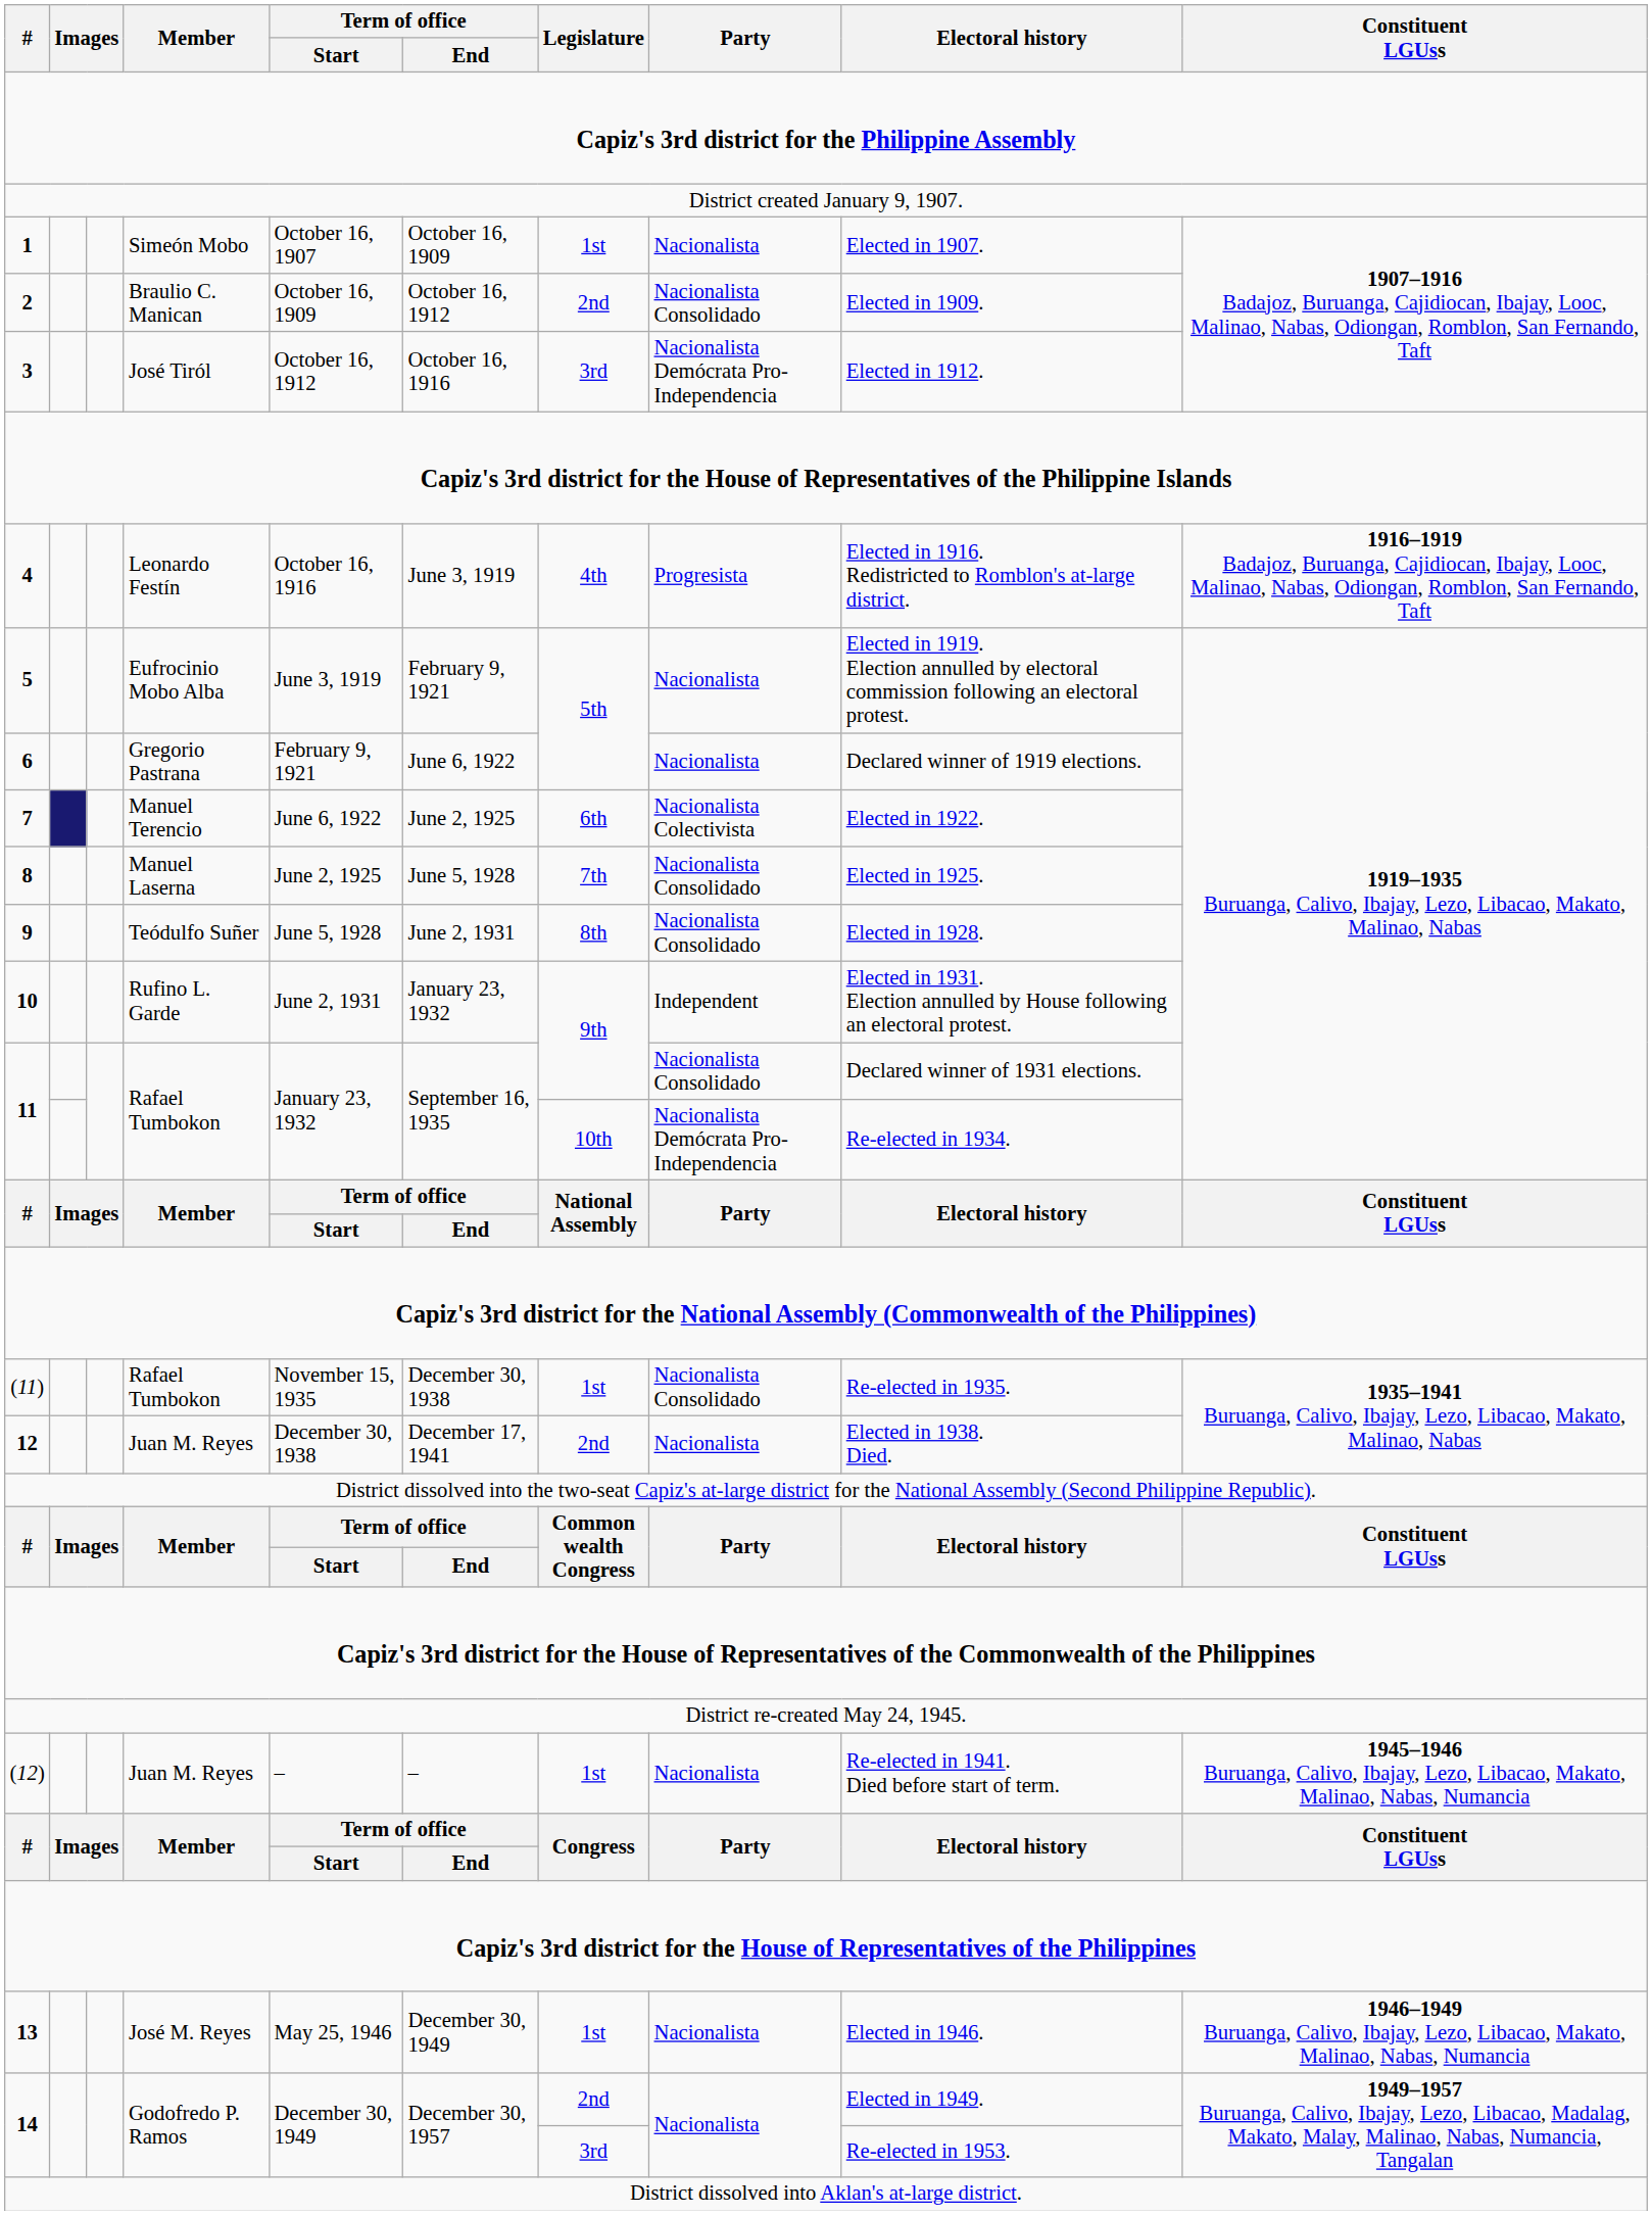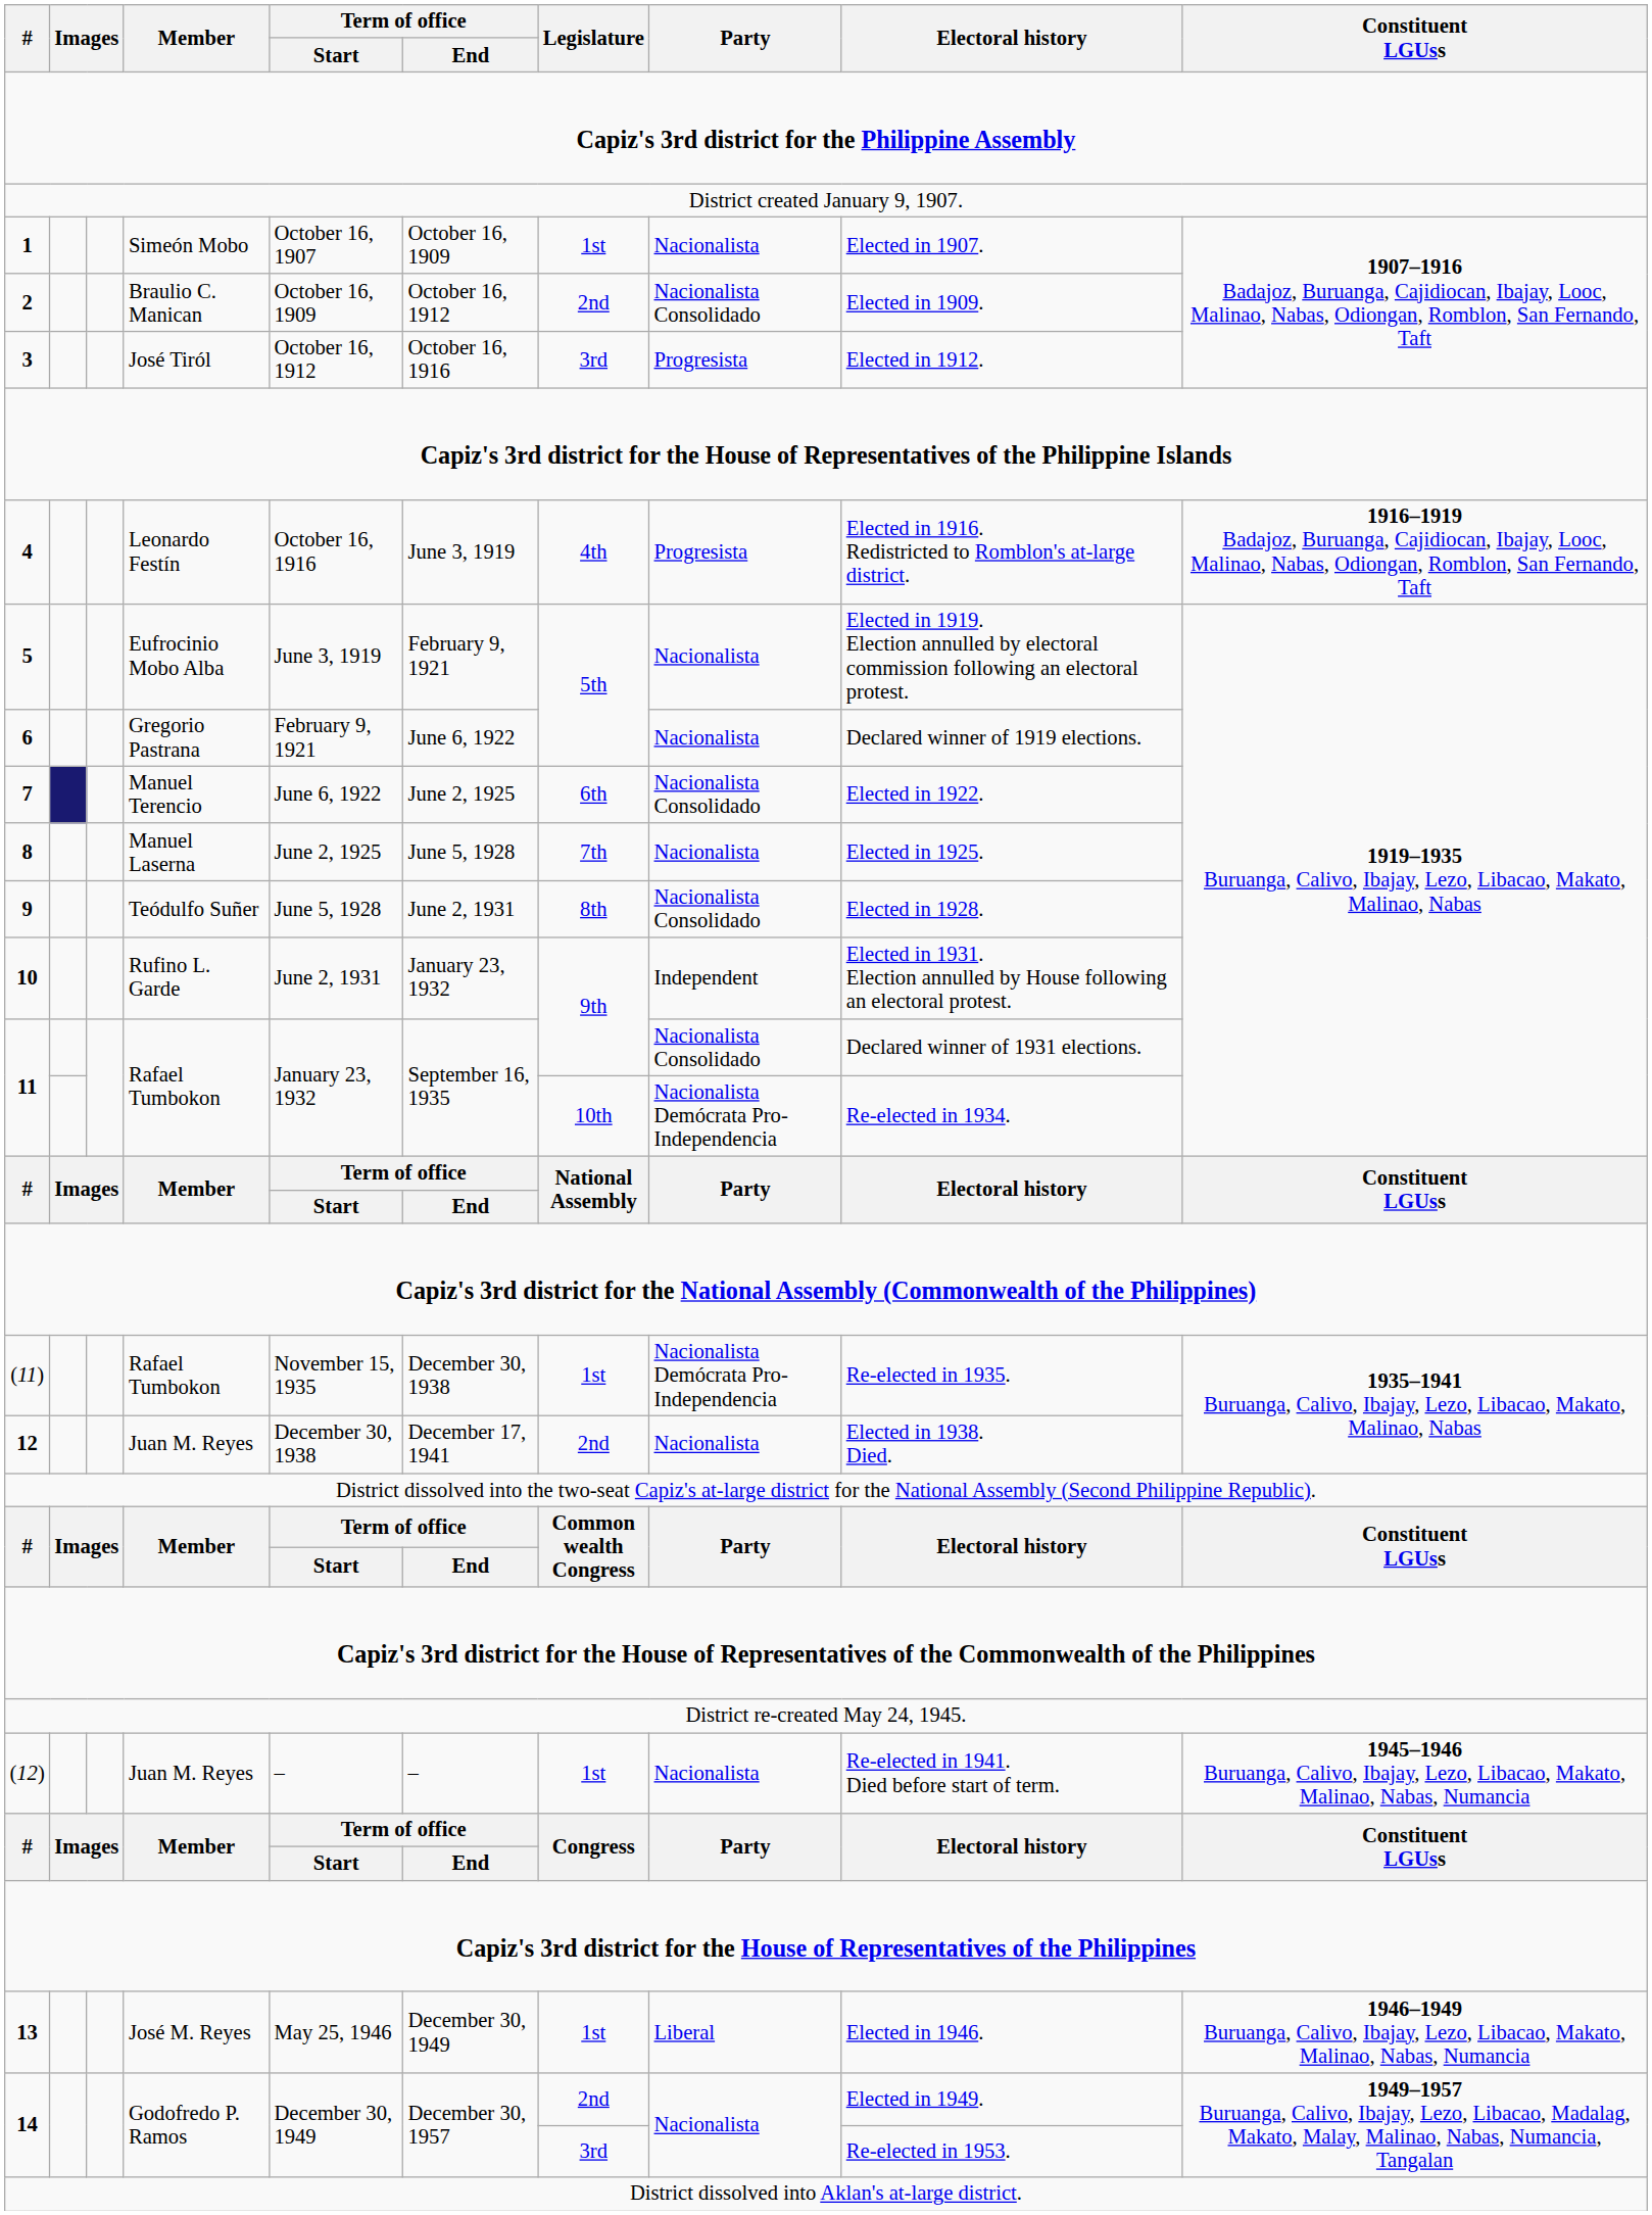 <table class=wikitable>
 <tr>
 <th rowspan="2">#</th>
 <th rowspan="2" colspan=2>Images</th>
 <th rowspan="2">Member</th>
 <th colspan=2>Term of office</th>
 <th rowspan="2">Legislature</th>
 <th rowspan="2">Party</th>
 <th rowspan="2">Electoral history</th>
 <th rowspan="2">Constituent<br><a href='#'>LGUs</a>s</th>
 </tr>
 <tr>
 <th>Start</th>
 <th>End</th>
 </tr>
 <tr>
 <td colspan="10" style="text-align:center;"><br><h3>Capiz's 3rd district for the <a href='#'>Philippine Assembly</a></h3></td>
 </tr>
 <tr>
 <td colspan="10" style="text-align:center;">District created January 9, 1907.</td>
 </tr>
 <tr>
 <td style="text-align:center;"><strong>1</strong></td>
 <td style="color:inherit;background:"></td>
 <td></td>
 <td>Simeón Mobo</td>
 <td>October 16, 1907</td>
 <td>October 16, 1909</td>
 <td style="text-align:center;"><a href='#'>1st</a></td>
 <td><a href='#'>Nacionalista</a></td>
 <td><a href='#'>Elected in 1907</a>.</td>
 <td rowspan="3" style="text-align:center;"><strong>1907–1916</strong><br><a href='#'>Badajoz</a>, <a href='#'>Buruanga</a>, <a href='#'>Cajidiocan</a>, <a href='#'>Ibajay</a>, <a href='#'>Looc</a>, <a href='#'>Malinao</a>, <a href='#'>Nabas</a>, <a href='#'>Odiongan</a>, <a href='#'>Romblon</a>, <a href='#'>San Fernando</a>, <a href='#'>Taft</a></td>
 </tr>
 <tr>
 <td style="text-align:center;"><strong>2</strong></td>
 <td style="color:inherit;background:"></td>
 <td></td>
 <td>Braulio C. Manican</td>
 <td>October 16, 1909</td>
 <td>October 16, 1912</td>
 <td style="text-align:center;"><a href='#'>2nd</a></td>
 <td><a href='#'>Nacionalista</a><br>Consolidado</td>
 <td><a href='#'>Elected in 1909</a>.</td>
 </tr>
 <tr>
 <td style="text-align:center;"><strong>3</strong></td>
 <td style="color:inherit;background:"></td>
 <td></td>
 <td>José Tiról</td>
 <td>October 16, 1912</td>
 <td>October 16, 1916</td>
 <td style="text-align:center;"><a href='#'>3rd</a></td>
-<td><a href='#'>Nacionalista</a><br>Demócrata Pro-Independencia</td>
+<td><a href='#'>Progresista</a></td>
 <td><a href='#'>Elected in 1912</a>.</td>
 </tr>
 <tr>
 <td colspan="10" style="text-align:center;"><br><h3>Capiz's 3rd district for the House of Representatives of the Philippine Islands</h3></td>
 </tr>
 <tr>
 <td style="text-align:center;"><strong>4</strong></td>
 <td style="color:inherit;background:"></td>
 <td></td>
 <td>Leonardo Festín</td>
 <td>October 16, 1916</td>
 <td>June 3, 1919</td>
 <td style="text-align:center;"><a href='#'>4th</a></td>
 <td><a href='#'>Progresista</a></td>
 <td><a href='#'>Elected in 1916</a>.<br>Redistricted to <a href='#'>Romblon's at-large district</a>.</td>
 <td style="text-align:center;"><strong>1916–1919</strong><br><a href='#'>Badajoz</a>, <a href='#'>Buruanga</a>, <a href='#'>Cajidiocan</a>, <a href='#'>Ibajay</a>, <a href='#'>Looc</a>, <a href='#'>Malinao</a>, <a href='#'>Nabas</a>, <a href='#'>Odiongan</a>, <a href='#'>Romblon</a>, <a href='#'>San Fernando</a>, <a href='#'>Taft</a></td>
 </tr>
 <tr>
 <td style="text-align:center;"><strong>5</strong></td>
 <td style="color:inherit;background:"></td>
 <td></td>
 <td>Eufrocinio Mobo Alba</td>
 <td>June 3, 1919</td>
 <td>February 9, 1921</td>
 <td rowspan="2" style="text-align:center;"><a href='#'>5th</a></td>
 <td><a href='#'>Nacionalista</a></td>
 <td><a href='#'>Elected in 1919</a>.<br>Election annulled by electoral commission following an electoral protest.</td>
 <td rowspan="8" style="text-align:center;"><strong>1919–1935</strong><br><a href='#'>Buruanga</a>, <a href='#'>Calivo</a>, <a href='#'>Ibajay</a>, <a href='#'>Lezo</a>, <a href='#'>Libacao</a>, <a href='#'>Makato</a>, <a href='#'>Malinao</a>, <a href='#'>Nabas</a></td>
 </tr>
 <tr>
 <td style="text-align:center;"><strong>6</strong></td>
 <td style="color:inherit;background:"></td>
 <td></td>
 <td>Gregorio Pastrana</td>
 <td>February 9, 1921</td>
 <td>June 6, 1922</td>
 <td><a href='#'>Nacionalista</a></td>
 <td>Declared winner of 1919 elections.</td>
 </tr>
 <tr>
 <td style="text-align:center;"><strong>7</strong></td>
 <td style="background-color:#191970"></td>
 <td></td>
 <td>Manuel Terencio</td>
 <td>June 6, 1922</td>
 <td>June 2, 1925</td>
 <td style="text-align:center;"><a href='#'>6th</a></td>
-<td><a href='#'>Nacionalista</a><br>Colectivista</td>
+<td><a href='#'>Nacionalista</a><br>Consolidado</td>
 <td><a href='#'>Elected in 1922</a>.</td>
 </tr>
 <tr>
 <td style="text-align:center;"><strong>8</strong></td>
 <td style="color:inherit;background:"></td>
 <td></td>
 <td>Manuel Laserna</td>
 <td>June 2, 1925</td>
 <td>June 5, 1928</td>
 <td style="text-align:center;"><a href='#'>7th</a></td>
-<td><a href='#'>Nacionalista</a><br>Consolidado</td>
+<td><a href='#'>Nacionalista</a></td>
 <td><a href='#'>Elected in 1925</a>.</td>
 </tr>
 <tr>
 <td style="text-align:center;"><strong>9</strong></td>
 <td style="color:inherit;background:"></td>
 <td></td>
 <td>Teódulfo Suñer</td>
 <td>June 5, 1928</td>
 <td>June 2, 1931</td>
 <td style="text-align:center;"><a href='#'>8th</a></td>
 <td><a href='#'>Nacionalista</a><br>Consolidado</td>
 <td><a href='#'>Elected in 1928</a>.</td>
 </tr>
 <tr>
 <td style="text-align:center;"><strong>10</strong></td>
 <td style="color:inherit;background:"></td>
 <td></td>
 <td>Rufino L. Garde</td>
 <td>June 2, 1931</td>
 <td>January 23, 1932</td>
 <td rowspan="2" style="text-align:center;"><a href='#'>9th</a></td>
 <td>Independent</td>
 <td><a href='#'>Elected in 1931</a>.<br>Election annulled by House following an electoral protest.</td>
 </tr>
 <tr>
 <td rowspan="2" style="text-align:center;"><strong>11</strong></td>
 <td style="color:inherit;background:"></td>
 <td rowspan="2"></td>
 <td rowspan="2">Rafael Tumbokon</td>
 <td rowspan="2">January 23, 1932</td>
 <td rowspan="2">September 16, 1935</td>
 <td><a href='#'>Nacionalista</a><br>Consolidado</td>
 <td>Declared winner of 1931 elections.</td>
 </tr>
 <tr>
 <td style="color:inherit;background:"></td>
 <td style="text-align:center;"><a href='#'>10th</a></td>
 <td><a href='#'>Nacionalista</a><br>Demócrata Pro-Independencia</td>
 <td><a href='#'>Re-elected in 1934</a>.</td>
 </tr>
 <tr>
 <th rowspan="2">#</th>
 <th rowspan="2" colspan=2>Images</th>
 <th rowspan="2">Member</th>
 <th colspan=2>Term of office</th>
 <th rowspan="2">National<br>Assembly</th>
 <th rowspan="2">Party</th>
 <th rowspan="2">Electoral history</th>
 <th rowspan="2">Constituent<br><a href='#'>LGUs</a>s</th>
 </tr>
 <tr>
 <th>Start</th>
 <th>End</th>
 </tr>
 <tr>
 <td colspan="10" style="text-align:center;"><br><h3>Capiz's 3rd district for the <a href='#'>National Assembly (Commonwealth of the Philippines)</a></h3></td>
 </tr>
 <tr>
 <td style="text-align:center;">(<em>11</em>)</td>
 <td style="color:inherit;background:"></td>
 <td></td>
 <td>Rafael Tumbokon</td>
 <td>November 15, 1935</td>
 <td>December 30, 1938</td>
 <td style="text-align:center;"><a href='#'>1st</a></td>
-<td><a href='#'>Nacionalista</a><br>Consolidado</td>
+<td><a href='#'>Nacionalista</a><br>Demócrata Pro-Independencia</td>
 <td><a href='#'>Re-elected in 1935</a>.</td>
 <td rowspan="2" style="text-align:center;"><strong>1935–1941</strong><br><a href='#'>Buruanga</a>, <a href='#'>Calivo</a>, <a href='#'>Ibajay</a>, <a href='#'>Lezo</a>, <a href='#'>Libacao</a>, <a href='#'>Makato</a>, <a href='#'>Malinao</a>, <a href='#'>Nabas</a></td>
 </tr>
 <tr>
 <td style="text-align:center;"><strong>12</strong></td>
 <td style="color:inherit;background:"></td>
 <td></td>
 <td>Juan M. Reyes</td>
 <td>December 30, 1938</td>
 <td>December 17, 1941</td>
 <td style="text-align:center;"><a href='#'>2nd</a></td>
 <td><a href='#'>Nacionalista</a></td>
 <td><a href='#'>Elected in 1938</a>.<br><a href='#'>Died</a>.</td>
 </tr>
 <tr>
 <td colspan="10" style="text-align:center;">District dissolved into the two-seat <a href='#'>Capiz's at-large district</a> for the <a href='#'>National Assembly (Second Philippine Republic)</a>.</td>
 </tr>
 <tr>
 <th rowspan="2">#</th>
 <th rowspan="2" colspan=2>Images</th>
 <th rowspan="2">Member</th>
 <th colspan=2>Term of office</th>
 <th rowspan="2">Common<br>wealth<br>Congress</th>
 <th rowspan="2">Party</th>
 <th rowspan="2">Electoral history</th>
 <th rowspan="2">Constituent<br><a href='#'>LGUs</a>s</th>
 </tr>
 <tr>
 <th>Start</th>
 <th>End</th>
 </tr>
 <tr>
 <td colspan="10" style="text-align:center;"><br><h3>Capiz's 3rd district for the House of Representatives of the Commonwealth of the Philippines</h3></td>
 </tr>
 <tr>
 <td colspan="10" style="text-align:center;">District re-created May 24, 1945.</td>
 </tr>
 <tr>
 <td style="text-align:center;">(<em>12</em>)</td>
 <td style="color:inherit;background:"></td>
 <td></td>
 <td>Juan M. Reyes</td>
 <td>–</td>
 <td>–</td>
 <td style="text-align:center;"><a href='#'>1st</a></td>
 <td><a href='#'>Nacionalista</a></td>
 <td><a href='#'>Re-elected in 1941</a>.<br>Died before start of term.</td>
 <td style="text-align:center;"><strong>1945–1946</strong><br><a href='#'>Buruanga</a>, <a href='#'>Calivo</a>, <a href='#'>Ibajay</a>, <a href='#'>Lezo</a>, <a href='#'>Libacao</a>, <a href='#'>Makato</a>, <a href='#'>Malinao</a>, <a href='#'>Nabas</a>, <a href='#'>Numancia</a></td>
 </tr>
 <tr>
 <th rowspan="2">#</th>
 <th rowspan="2" colspan=2>Images</th>
 <th rowspan="2">Member</th>
 <th colspan=2>Term of office</th>
 <th rowspan="2">Congress</th>
 <th rowspan="2">Party</th>
 <th rowspan="2">Electoral history</th>
 <th rowspan="2">Constituent<br><a href='#'>LGUs</a>s</th>
 </tr>
 <tr>
 <th>Start</th>
 <th>End</th>
 </tr>
 <tr>
 <td colspan="10" style="text-align:center;"><br><h3>Capiz's 3rd district for the <a href='#'>House of Representatives of the Philippines</a></h3></td>
 </tr>
 <tr>
 <td style="text-align:center;"><strong>13</strong></td>
 <td style="color:inherit;background:"></td>
 <td></td>
 <td>José M. Reyes</td>
 <td>May 25, 1946</td>
 <td>December 30, 1949</td>
 <td style="text-align:center;"><a href='#'>1st</a></td>
-<td><a href='#'>Nacionalista</a></td>
+<td><a href='#'>Liberal</a></td>
 <td><a href='#'>Elected in 1946</a>.</td>
 <td style="text-align:center;"><strong>1946–1949</strong><br><a href='#'>Buruanga</a>, <a href='#'>Calivo</a>, <a href='#'>Ibajay</a>, <a href='#'>Lezo</a>, <a href='#'>Libacao</a>, <a href='#'>Makato</a>, <a href='#'>Malinao</a>, <a href='#'>Nabas</a>, <a href='#'>Numancia</a></td>
 </tr>
 <tr>
 <td rowspan="2" style="text-align:center;"><strong>14</strong></td>
 <td rowspan="2" style="color:inherit;background:"></td>
 <td rowspan="2"></td>
 <td rowspan="2">Godofredo P. Ramos</td>
 <td rowspan="2">December 30, 1949</td>
 <td rowspan="2">December 30, 1957</td>
 <td style="text-align:center;"><a href='#'>2nd</a></td>
 <td rowspan="2"><a href='#'>Nacionalista</a></td>
 <td><a href='#'>Elected in 1949</a>.</td>
 <td rowspan="2" style="text-align:center;"><strong>1949–1957</strong><br><a href='#'>Buruanga</a>, <a href='#'>Calivo</a>, <a href='#'>Ibajay</a>, <a href='#'>Lezo</a>, <a href='#'>Libacao</a>, <a href='#'>Madalag</a>, <a href='#'>Makato</a>, <a href='#'>Malay</a>, <a href='#'>Malinao</a>, <a href='#'>Nabas</a>, <a href='#'>Numancia</a>, <a href='#'>Tangalan</a></td>
 </tr>
 <tr>
 <td style="text-align:center;"><a href='#'>3rd</a></td>
 <td><a href='#'>Re-elected in 1953</a>.</td>
 </tr>
 <tr>
 <td colspan="10" style="text-align:center;">District dissolved into <a href='#'>Aklan's at-large district</a>.</td>
 </tr>
 </table>
